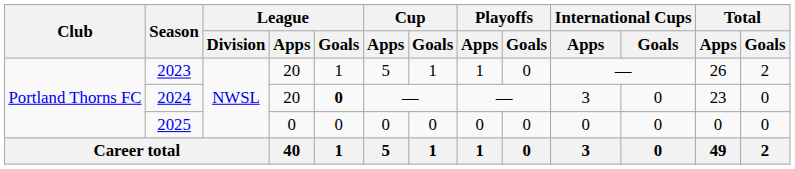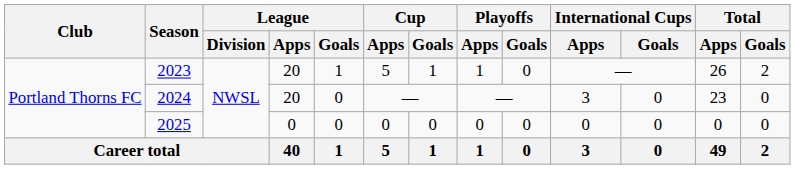 <table class="wikitable" style="text-align: center;">
 <tr>
 <th rowspan="2">Club</th>
 <th rowspan="2">Season</th>
 <th colspan="3">League</th>
 <th colspan="2">Cup</th>
 <th colspan="2">Playoffs</th>
 <th colspan="2">International Cups</th>
 <th colspan="2">Total</th>
 </tr>
 <tr>
 <th>Division</th>
 <th>Apps</th>
 <th>Goals</th>
 <th>Apps</th>
 <th>Goals</th>
 <th>Apps</th>
 <th>Goals</th>
 <th>Apps</th>
 <th>Goals</th>
 <th>Apps</th>
 <th>Goals</th>
 </tr>
 <tr>
 <td rowspan="3"><a href='#'>Portland Thorns FC</a></td>
 <td><a href='#'>2023</a></td>
 <td rowspan="3"><a href='#'>NWSL</a></td>
 <td>20</td>
 <td>1</td>
 <td>5</td>
 <td>1</td>
 <td>1</td>
 <td>0</td>
 <td colspan="2">—</td>
 <td>26</td>
 <td>2</td>
 </tr>
 <tr>
 <td><a href='#'>2024</a></td>
 <td>20</td>
-<td><strong>0</strong></td>
+<td>0</td>
 <td colspan="2">—</td>
 <td colspan="2">—</td>
 <td>3</td>
 <td>0</td>
 <td>23</td>
 <td>0</td>
 </tr>
 <tr>
 <td><a href='#'>2025</a></td>
 <td>0</td>
 <td>0</td>
 <td>0</td>
 <td>0</td>
 <td>0</td>
 <td>0</td>
 <td>0</td>
 <td>0</td>
 <td>0</td>
 <td>0</td>
 </tr>
 <tr>
 <th colspan="3">Career total</th>
 <th>40</th>
 <th>1</th>
 <th>5</th>
 <th>1</th>
 <th>1</th>
 <th>0</th>
 <th>3</th>
 <th>0</th>
 <th>49</th>
 <th>2</th>
 </tr>
 </table>
